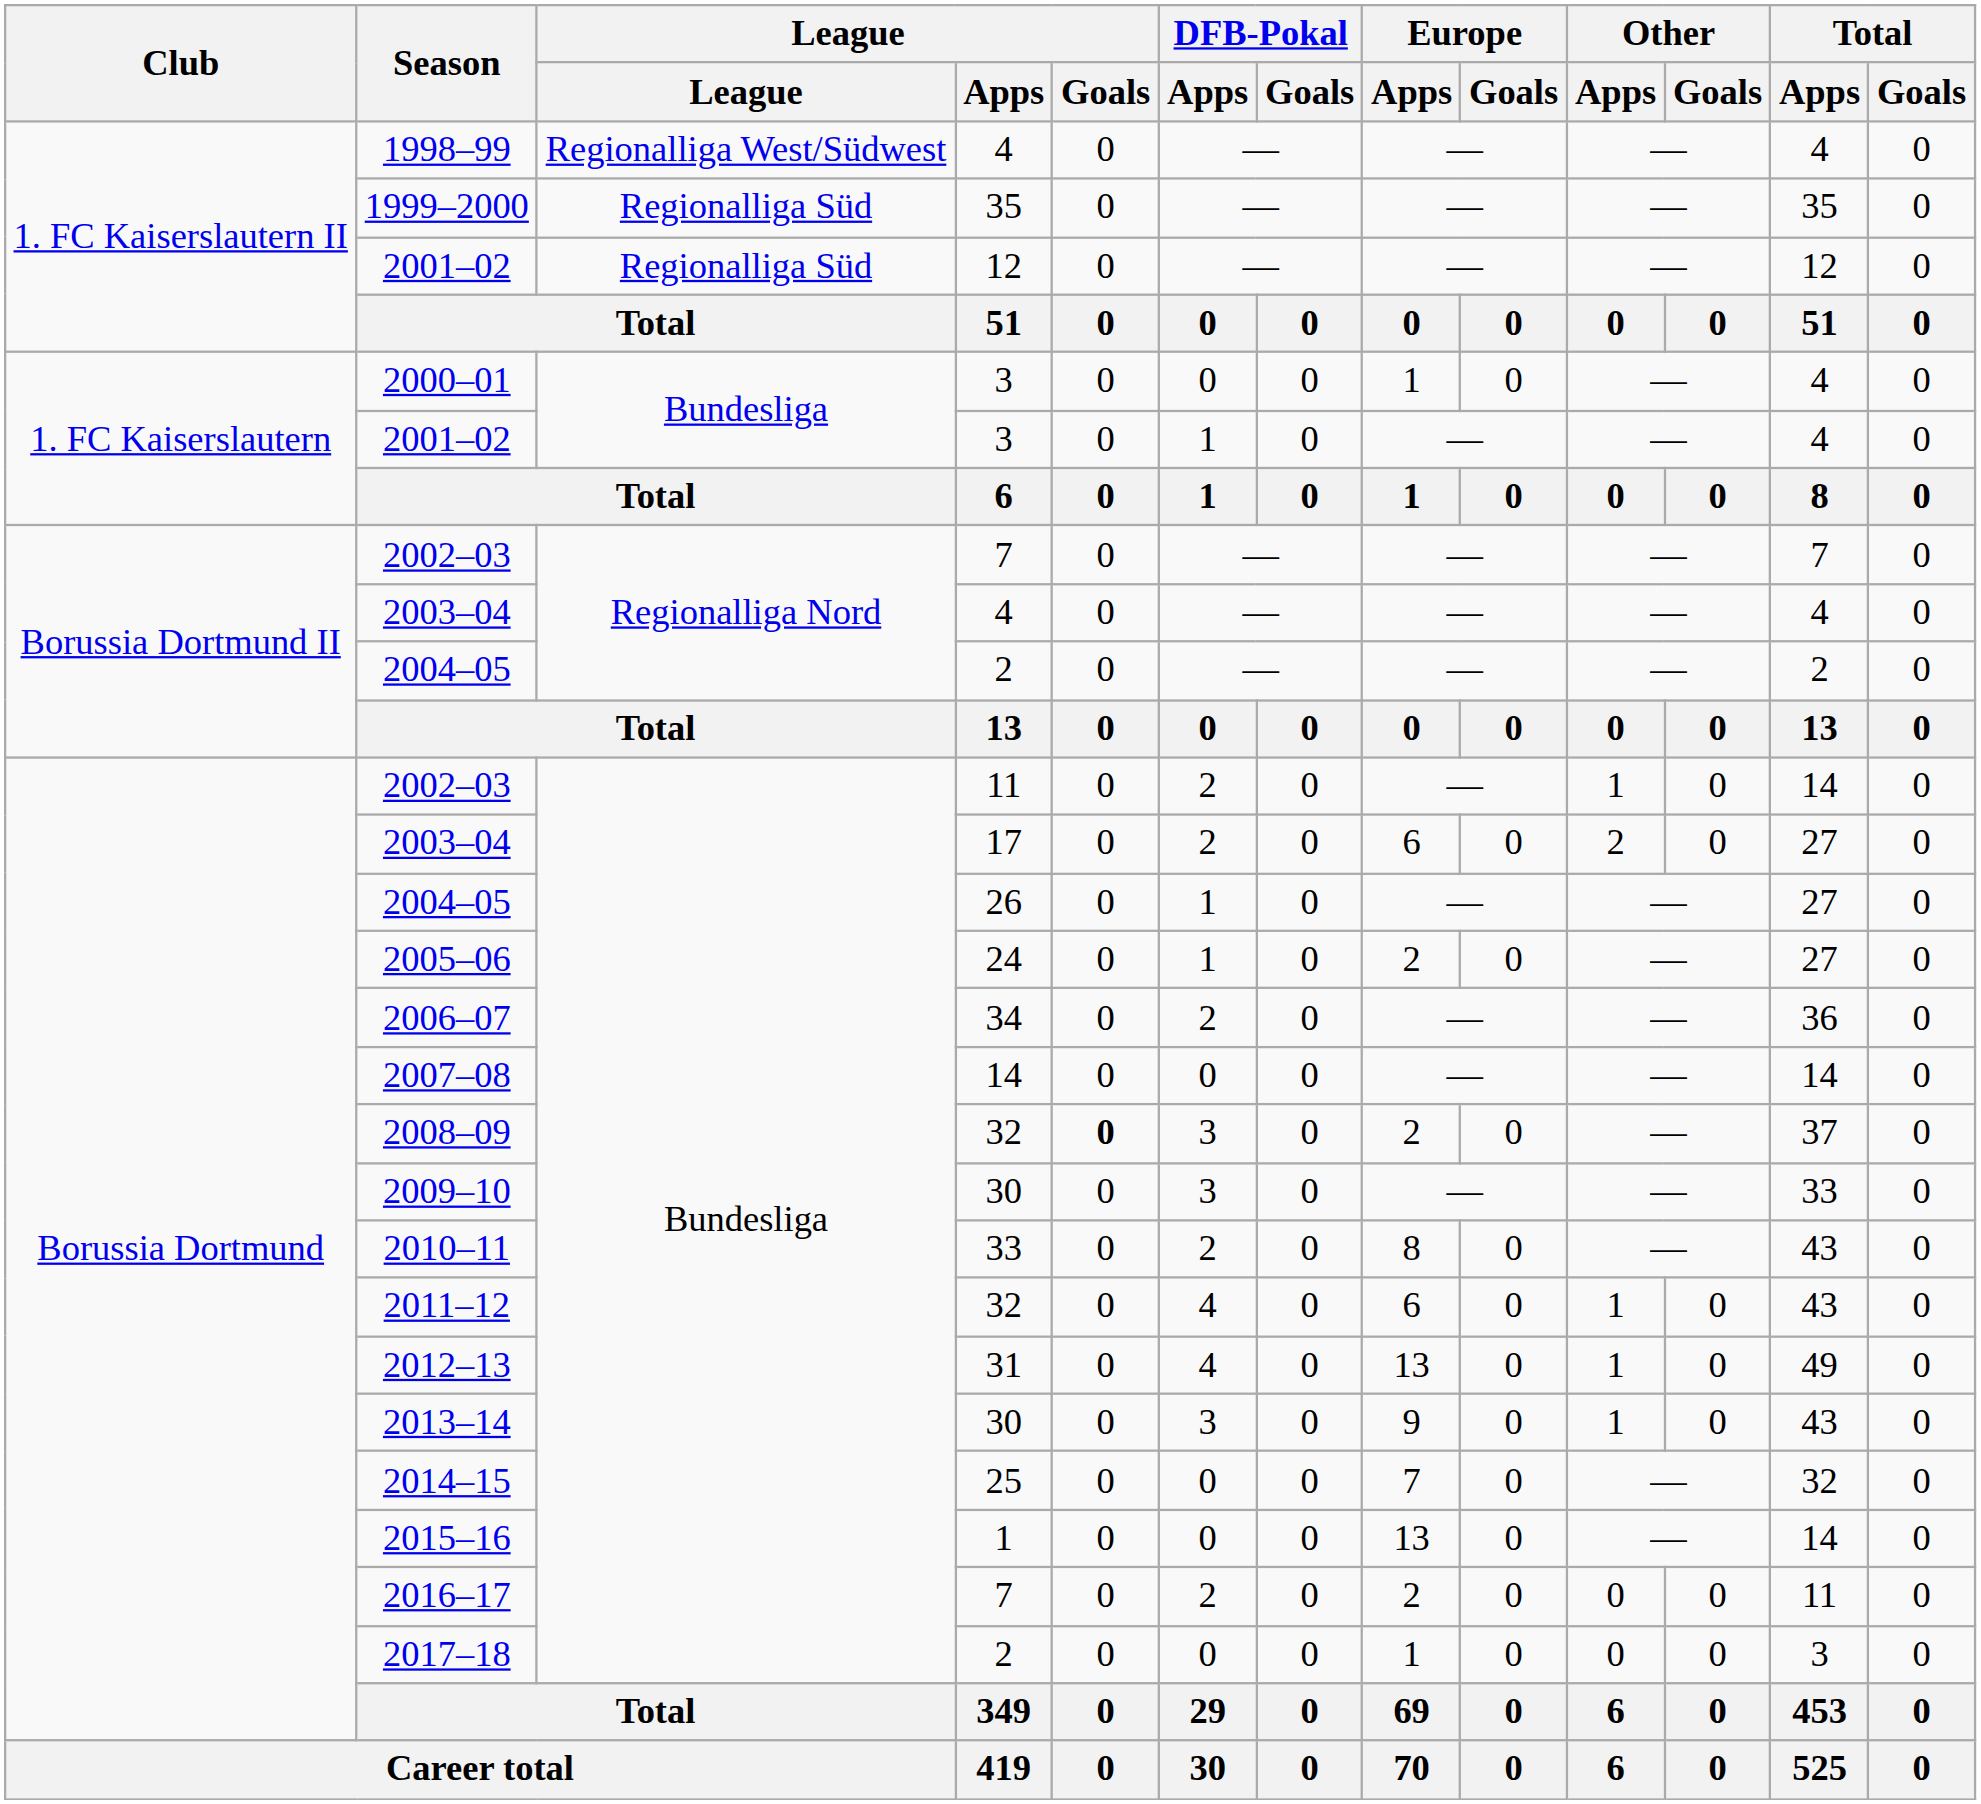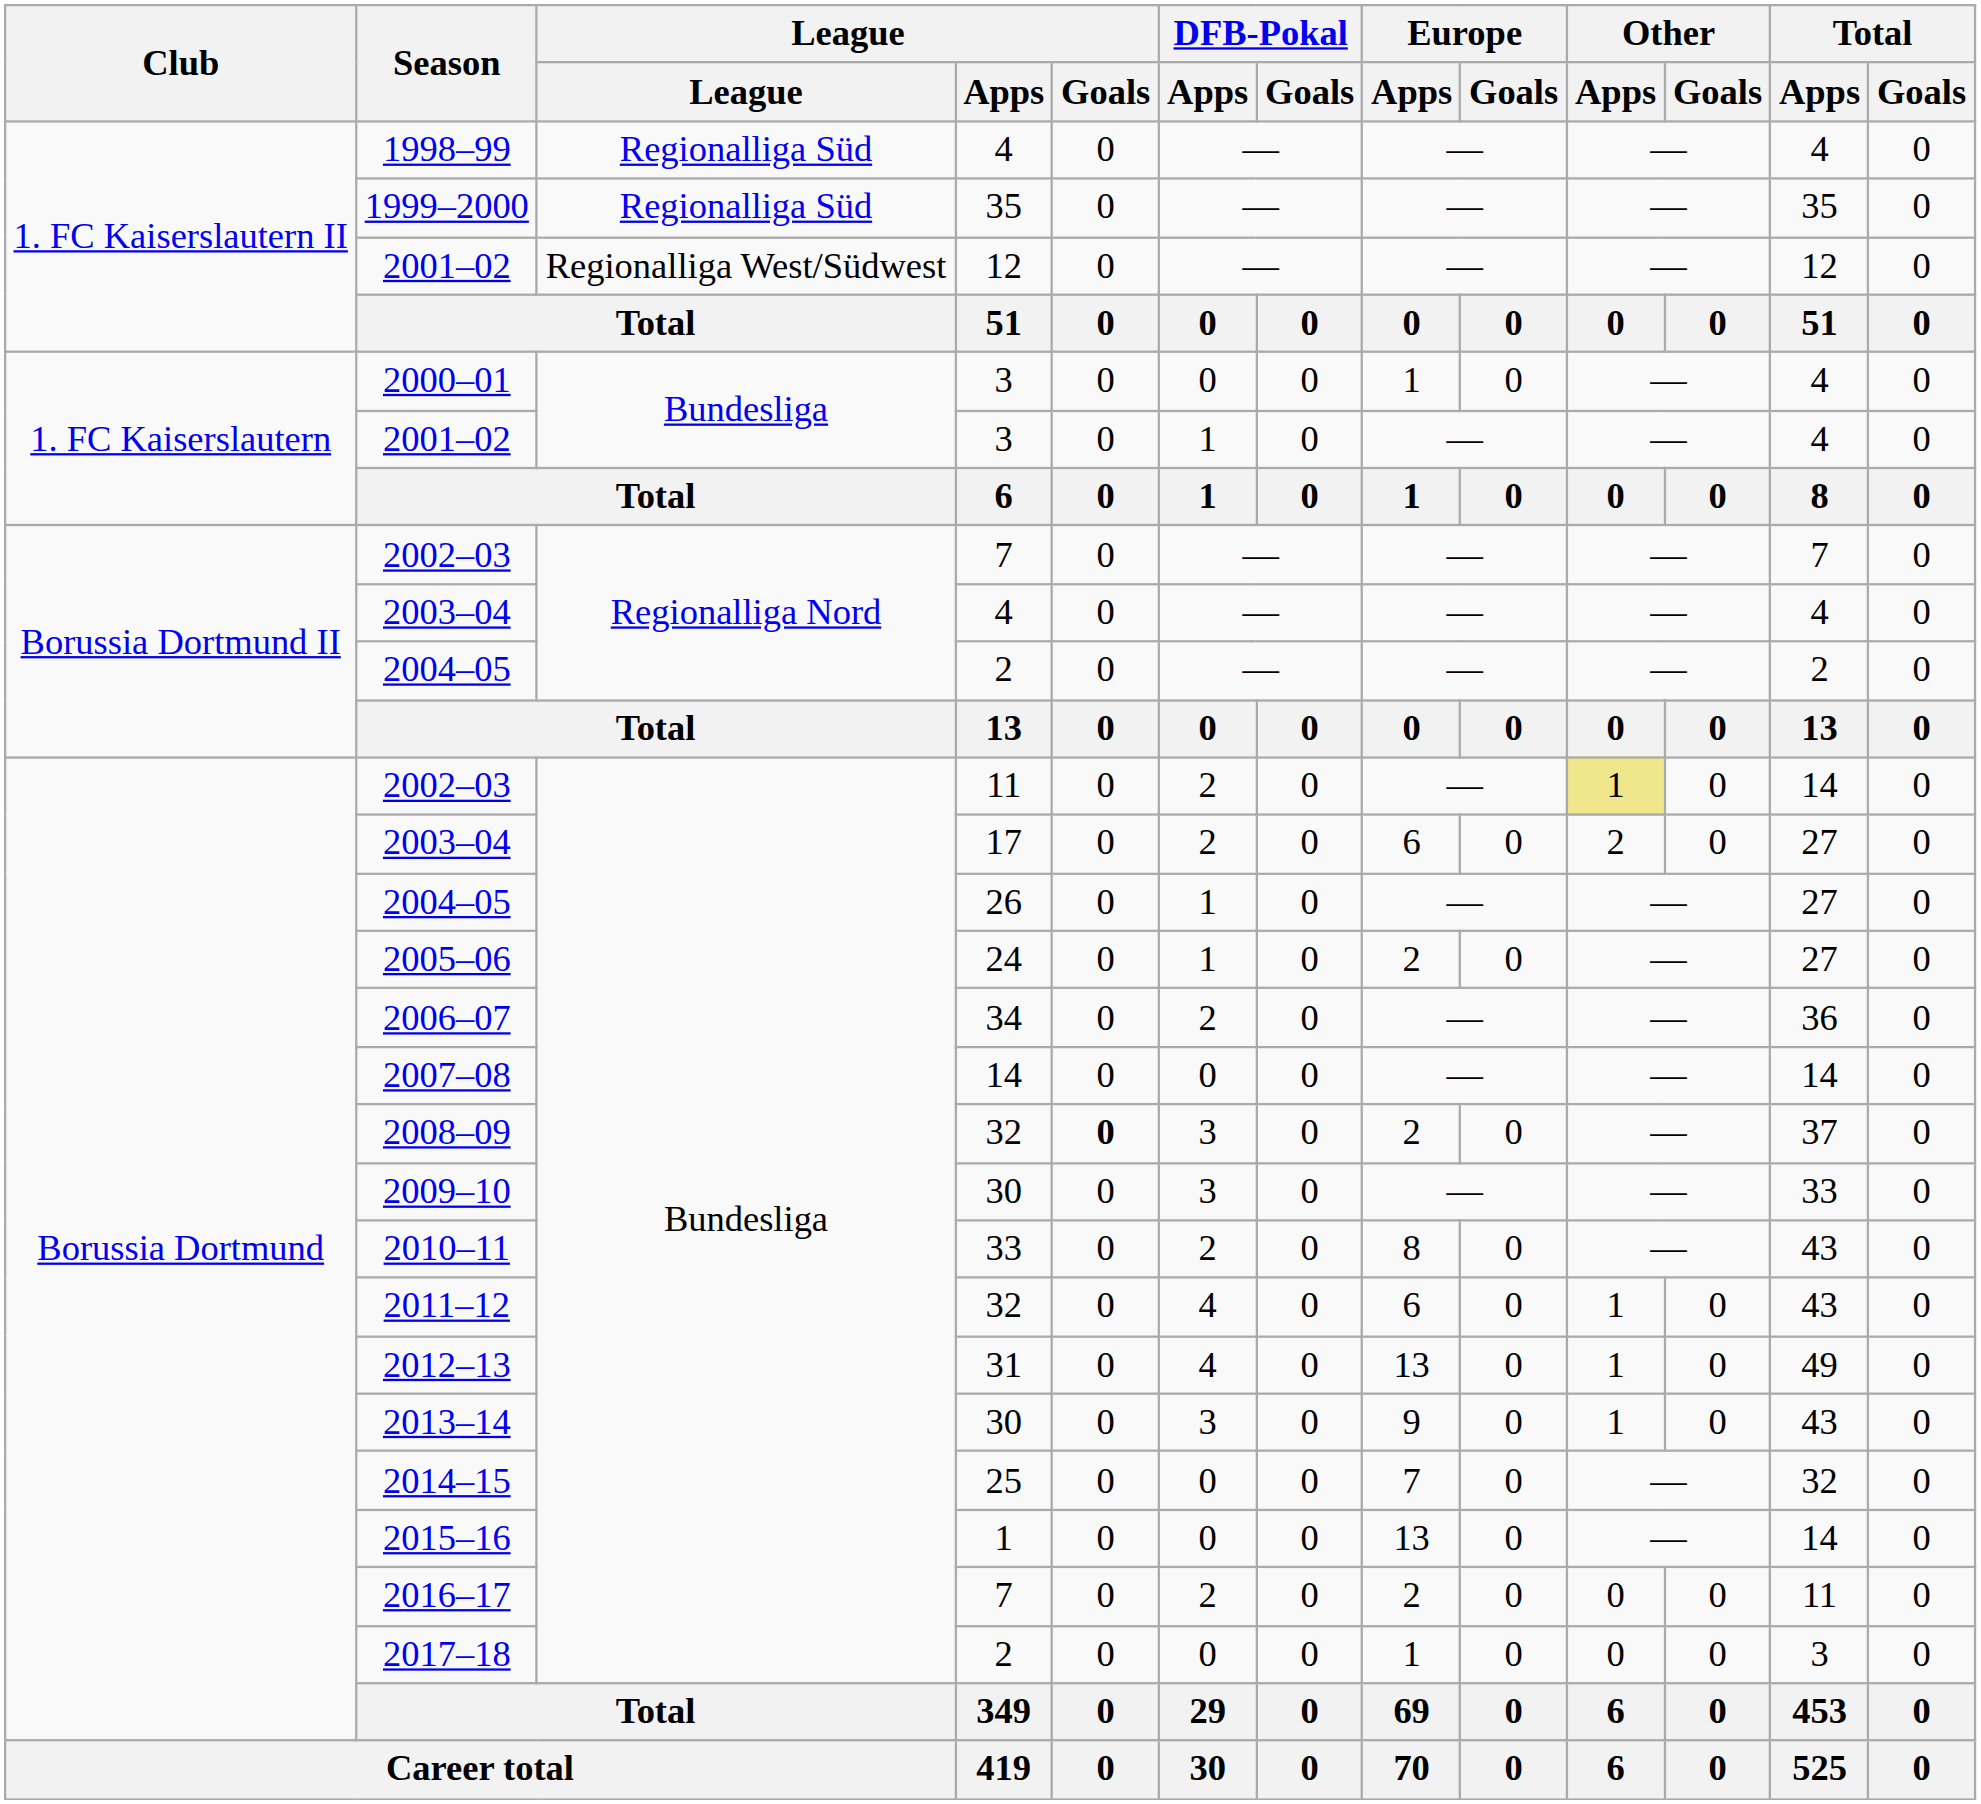 <table class="wikitable" style="text-align:center">
 <tr>
 <th rowspan="2">Club</th>
 <th rowspan="2">Season</th>
 <th colspan="3">League</th>
 <th colspan="2"><a href='#'>DFB-Pokal</a></th>
 <th colspan="2">Europe</th>
 <th colspan="2">Other</th>
 <th colspan="2">Total</th>
 </tr>
 <tr>
 <th>League</th>
 <th>Apps</th>
 <th>Goals</th>
 <th>Apps</th>
 <th>Goals</th>
 <th>Apps</th>
 <th>Goals</th>
 <th>Apps</th>
 <th>Goals</th>
 <th>Apps</th>
 <th>Goals</th>
 </tr>
 <tr>
 <td rowspan="4"><a href='#'>1. FC Kaiserslautern II</a></td>
 <td><a href='#'>1998–99</a></td>
-<td><a href='#'>Regionalliga West/Südwest</a></td>
+<td><a href='#'>Regionalliga Süd</a></td>
 <td>4</td>
 <td>0</td>
 <td colspan="2">—</td>
 <td colspan="2">—</td>
 <td colspan="2">—</td>
 <td>4</td>
 <td>0</td>
 </tr>
 <tr>
 <td><a href='#'>1999–2000</a></td>
 <td><a href='#'>Regionalliga Süd</a></td>
 <td>35</td>
 <td>0</td>
 <td colspan="2">—</td>
 <td colspan="2">—</td>
 <td colspan="2">—</td>
 <td>35</td>
 <td>0</td>
 </tr>
 <tr>
 <td><a href='#'>2001–02</a></td>
-<td><a href='#'>Regionalliga Süd</a></td>
+<td>Regionalliga West/Südwest</td>
 <td>12</td>
 <td>0</td>
 <td colspan="2">—</td>
 <td colspan="2">—</td>
 <td colspan="2">—</td>
 <td>12</td>
 <td>0</td>
 </tr>
 <tr>
 <th colspan="2">Total</th>
 <th>51</th>
 <th>0</th>
 <th>0</th>
 <th>0</th>
 <th>0</th>
 <th>0</th>
 <th>0</th>
 <th>0</th>
 <th>51</th>
 <th>0</th>
 </tr>
 <tr>
 <td rowspan="3"><a href='#'>1. FC Kaiserslautern</a></td>
 <td><a href='#'>2000–01</a></td>
 <td rowspan="2"><a href='#'>Bundesliga</a></td>
 <td>3</td>
 <td>0</td>
 <td>0</td>
 <td>0</td>
 <td>1</td>
 <td>0</td>
 <td colspan="2">—</td>
 <td>4</td>
 <td>0</td>
 </tr>
 <tr>
 <td><a href='#'>2001–02</a></td>
 <td>3</td>
 <td>0</td>
 <td>1</td>
 <td>0</td>
 <td colspan="2">—</td>
 <td colspan="2">—</td>
 <td>4</td>
 <td>0</td>
 </tr>
 <tr>
 <th colspan="2">Total</th>
 <th>6</th>
 <th>0</th>
 <th>1</th>
 <th>0</th>
 <th>1</th>
 <th>0</th>
 <th>0</th>
 <th>0</th>
 <th>8</th>
 <th>0</th>
 </tr>
 <tr>
 <td rowspan="4"><a href='#'>Borussia Dortmund II</a></td>
 <td><a href='#'>2002–03</a></td>
 <td rowspan="3"><a href='#'>Regionalliga Nord</a></td>
 <td>7</td>
 <td>0</td>
 <td colspan="2">—</td>
 <td colspan="2">—</td>
 <td colspan="2">—</td>
 <td>7</td>
 <td>0</td>
 </tr>
 <tr>
 <td><a href='#'>2003–04</a></td>
 <td>4</td>
 <td>0</td>
 <td colspan="2">—</td>
 <td colspan="2">—</td>
 <td colspan="2">—</td>
 <td>4</td>
 <td>0</td>
 </tr>
 <tr>
 <td><a href='#'>2004–05</a></td>
 <td>2</td>
 <td>0</td>
 <td colspan="2">—</td>
 <td colspan="2">—</td>
 <td colspan="2">—</td>
 <td>2</td>
 <td>0</td>
 </tr>
 <tr>
 <th colspan="2">Total</th>
 <th>13</th>
 <th>0</th>
 <th>0</th>
 <th>0</th>
 <th>0</th>
 <th>0</th>
 <th>0</th>
 <th>0</th>
 <th>13</th>
 <th>0</th>
 </tr>
 <tr>
 <td rowspan="17"><a href='#'>Borussia Dortmund</a></td>
 <td><a href='#'>2002–03</a></td>
 <td rowspan="16">Bundesliga</td>
 <td>11</td>
 <td>0</td>
 <td>2</td>
 <td>0</td>
 <td colspan="2">—</td>
-<td>1</td>
+<td style="background: khaki;">1</td>
 <td>0</td>
 <td>14</td>
 <td>0</td>
 </tr>
 <tr>
 <td><a href='#'>2003–04</a></td>
 <td>17</td>
 <td>0</td>
 <td>2</td>
 <td>0</td>
 <td>6</td>
 <td>0</td>
 <td>2</td>
 <td>0</td>
 <td>27</td>
 <td>0</td>
 </tr>
 <tr>
 <td><a href='#'>2004–05</a></td>
 <td>26</td>
 <td>0</td>
 <td>1</td>
 <td>0</td>
 <td colspan="2">—</td>
 <td colspan="2">—</td>
 <td>27</td>
 <td>0</td>
 </tr>
 <tr>
 <td><a href='#'>2005–06</a></td>
 <td>24</td>
 <td>0</td>
 <td>1</td>
 <td>0</td>
 <td>2</td>
 <td>0</td>
 <td colspan="2">—</td>
 <td>27</td>
 <td>0</td>
 </tr>
 <tr>
 <td><a href='#'>2006–07</a></td>
 <td>34</td>
 <td>0</td>
 <td>2</td>
 <td>0</td>
 <td colspan="2">—</td>
 <td colspan="2">—</td>
 <td>36</td>
 <td>0</td>
 </tr>
 <tr>
 <td><a href='#'>2007–08</a></td>
 <td>14</td>
 <td>0</td>
 <td>0</td>
 <td>0</td>
 <td colspan="2">—</td>
 <td colspan="2">—</td>
 <td>14</td>
 <td>0</td>
 </tr>
 <tr>
 <td><a href='#'>2008–09</a></td>
 <td>32</td>
 <td><strong>0</strong></td>
 <td>3</td>
 <td>0</td>
 <td>2</td>
 <td>0</td>
 <td colspan="2">—</td>
 <td>37</td>
 <td>0</td>
 </tr>
 <tr>
 <td><a href='#'>2009–10</a></td>
 <td>30</td>
 <td>0</td>
 <td>3</td>
 <td>0</td>
 <td colspan="2">—</td>
 <td colspan="2">—</td>
 <td>33</td>
 <td>0</td>
 </tr>
 <tr>
 <td><a href='#'>2010–11</a></td>
 <td>33</td>
 <td>0</td>
 <td>2</td>
 <td>0</td>
 <td>8</td>
 <td>0</td>
 <td colspan="2">—</td>
 <td>43</td>
 <td>0</td>
 </tr>
 <tr>
 <td><a href='#'>2011–12</a></td>
 <td>32</td>
 <td>0</td>
 <td>4</td>
 <td>0</td>
 <td>6</td>
 <td>0</td>
 <td>1</td>
 <td>0</td>
 <td>43</td>
 <td>0</td>
 </tr>
 <tr>
 <td><a href='#'>2012–13</a></td>
 <td>31</td>
 <td>0</td>
 <td>4</td>
 <td>0</td>
 <td>13</td>
 <td>0</td>
 <td>1</td>
 <td>0</td>
 <td>49</td>
 <td>0</td>
 </tr>
 <tr>
 <td><a href='#'>2013–14</a></td>
 <td>30</td>
 <td>0</td>
 <td>3</td>
 <td>0</td>
 <td>9</td>
 <td>0</td>
 <td>1</td>
 <td>0</td>
 <td>43</td>
 <td>0</td>
 </tr>
 <tr>
 <td><a href='#'>2014–15</a></td>
 <td>25</td>
 <td>0</td>
 <td>0</td>
 <td>0</td>
 <td>7</td>
 <td>0</td>
 <td colspan="2">—</td>
 <td>32</td>
 <td>0</td>
 </tr>
 <tr>
 <td><a href='#'>2015–16</a></td>
 <td>1</td>
 <td>0</td>
 <td>0</td>
 <td>0</td>
 <td>13</td>
 <td>0</td>
 <td colspan="2">—</td>
 <td>14</td>
 <td>0</td>
 </tr>
 <tr>
 <td><a href='#'>2016–17</a></td>
 <td>7</td>
 <td>0</td>
 <td>2</td>
 <td>0</td>
 <td>2</td>
 <td>0</td>
 <td>0</td>
 <td>0</td>
 <td>11</td>
 <td>0</td>
 </tr>
 <tr>
 <td><a href='#'>2017–18</a></td>
 <td>2</td>
 <td>0</td>
 <td>0</td>
 <td>0</td>
 <td>1</td>
 <td>0</td>
 <td>0</td>
 <td>0</td>
 <td>3</td>
 <td>0</td>
 </tr>
 <tr>
 <th colspan="2">Total</th>
 <th>349</th>
 <th>0</th>
 <th>29</th>
 <th>0</th>
 <th>69</th>
 <th>0</th>
 <th>6</th>
 <th>0</th>
 <th>453</th>
 <th>0</th>
 </tr>
 <tr>
 <th colspan="3">Career total</th>
 <th>419</th>
 <th>0</th>
 <th>30</th>
 <th>0</th>
 <th>70</th>
 <th>0</th>
 <th>6</th>
 <th>0</th>
 <th>525</th>
 <th>0</th>
 </tr>
 </table>
